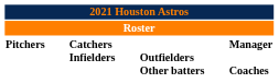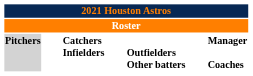 <table class="toccolours" style="font-size: 95%;">
 <tr>
 <th colspan="10" style="background:#072854; color:#FF7F00; text-align:center;">2021 Houston Astros</th>
 </tr>
 <tr>
 <td colspan="10" style="background:#FF7F00; color:white; text-align:center;"><strong>Roster</strong></td>
 </tr>
 <tr>
-<td valign="top"><strong>Pitchers</strong><br>                             </td>
+<td valign="top" style="background: lightgrey;"><strong>Pitchers</strong><br>                             </td>
 <td style="width:25px;"></td>
 <td valign="top"><strong>Catchers</strong><br>   <strong>Infielders</strong>           </td>
 <td style="width:25px;"></td>
 <td valign="top"><br><strong>Outfielders</strong>       <br><strong>Other batters</strong> </td>
 <td style="width:25px;"></td>
 <td valign="top"><strong>Manager</strong><br><br><strong>Coaches</strong>                         </td>
 </tr>
 </table>
